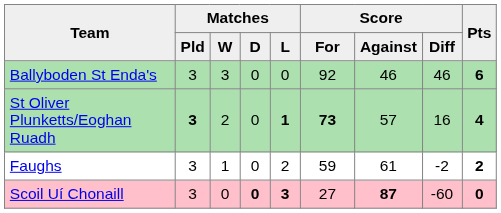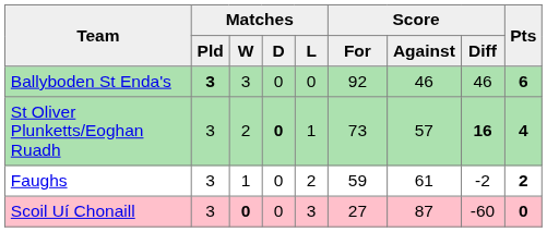 <table style=border-collapse:collapse border=1 cellspacing=0 cellpadding=5>
 <tr align=center bgcolor=#efefef>
 <th rowspan=2 width=165>Team</th>
 <th colspan=4>Matches</th>
 <th colspan=3>Score</th>
 <th rowspan=2width=20>Pts</th>
 </tr>
 <tr align=center bgcolor=#efefef>
 <th width=20>Pld</th>
 <th width=20>W</th>
 <th width=20>D</th>
 <th width=20>L</th>
 <th width=45>For</th>
 <th width=45>Against</th>
 <th width=30>Diff</th>
 </tr>
 <tr align=center style="background:#ACE1AF;">
 <td style="text-align:left;"> <a href='#'>Ballyboden St Enda's</a></td>
-<td>3</td>
+<td><strong>3</strong></td>
 <td>3</td>
 <td>0</td>
 <td>0</td>
 <td>92</td>
 <td>46</td>
 <td>46</td>
 <td><strong>6</strong></td>
 </tr>
 <tr align=center style="background:#ACE1AF;">
 <td style="text-align:left;"> <a href='#'>St Oliver Plunketts/Eoghan Ruadh</a></td>
-<td><strong>3</strong></td>
+<td>3</td>
 <td>2</td>
-<td>0</td>
-<td><strong>1</strong></td>
-<td><strong>73</strong></td>
+<td><strong>0</strong></td>
+<td>1</td>
+<td>73</td>
 <td>57</td>
-<td>16</td>
+<td><strong>16</strong></td>
 <td><strong>4</strong></td>
 </tr>
 <tr align=center>
 <td style="text-align:left;"> <a href='#'>Faughs</a></td>
 <td>3</td>
 <td>1</td>
 <td>0</td>
 <td>2</td>
 <td>59</td>
 <td>61</td>
 <td>-2</td>
 <td><strong>2</strong></td>
 </tr>
 <tr align=center style="background:#FFC0CB;">
 <td style="text-align:left;"> <a href='#'>Scoil Uí Chonaill</a></td>
 <td>3</td>
+<td><strong>0</strong></td>
 <td>0</td>
-<td><strong>0</strong></td>
-<td><strong>3</strong></td>
+<td>3</td>
 <td>27</td>
-<td><strong>87</strong></td>
+<td>87</td>
 <td>-60</td>
 <td><strong>0</strong></td>
 </tr>
 </table>
